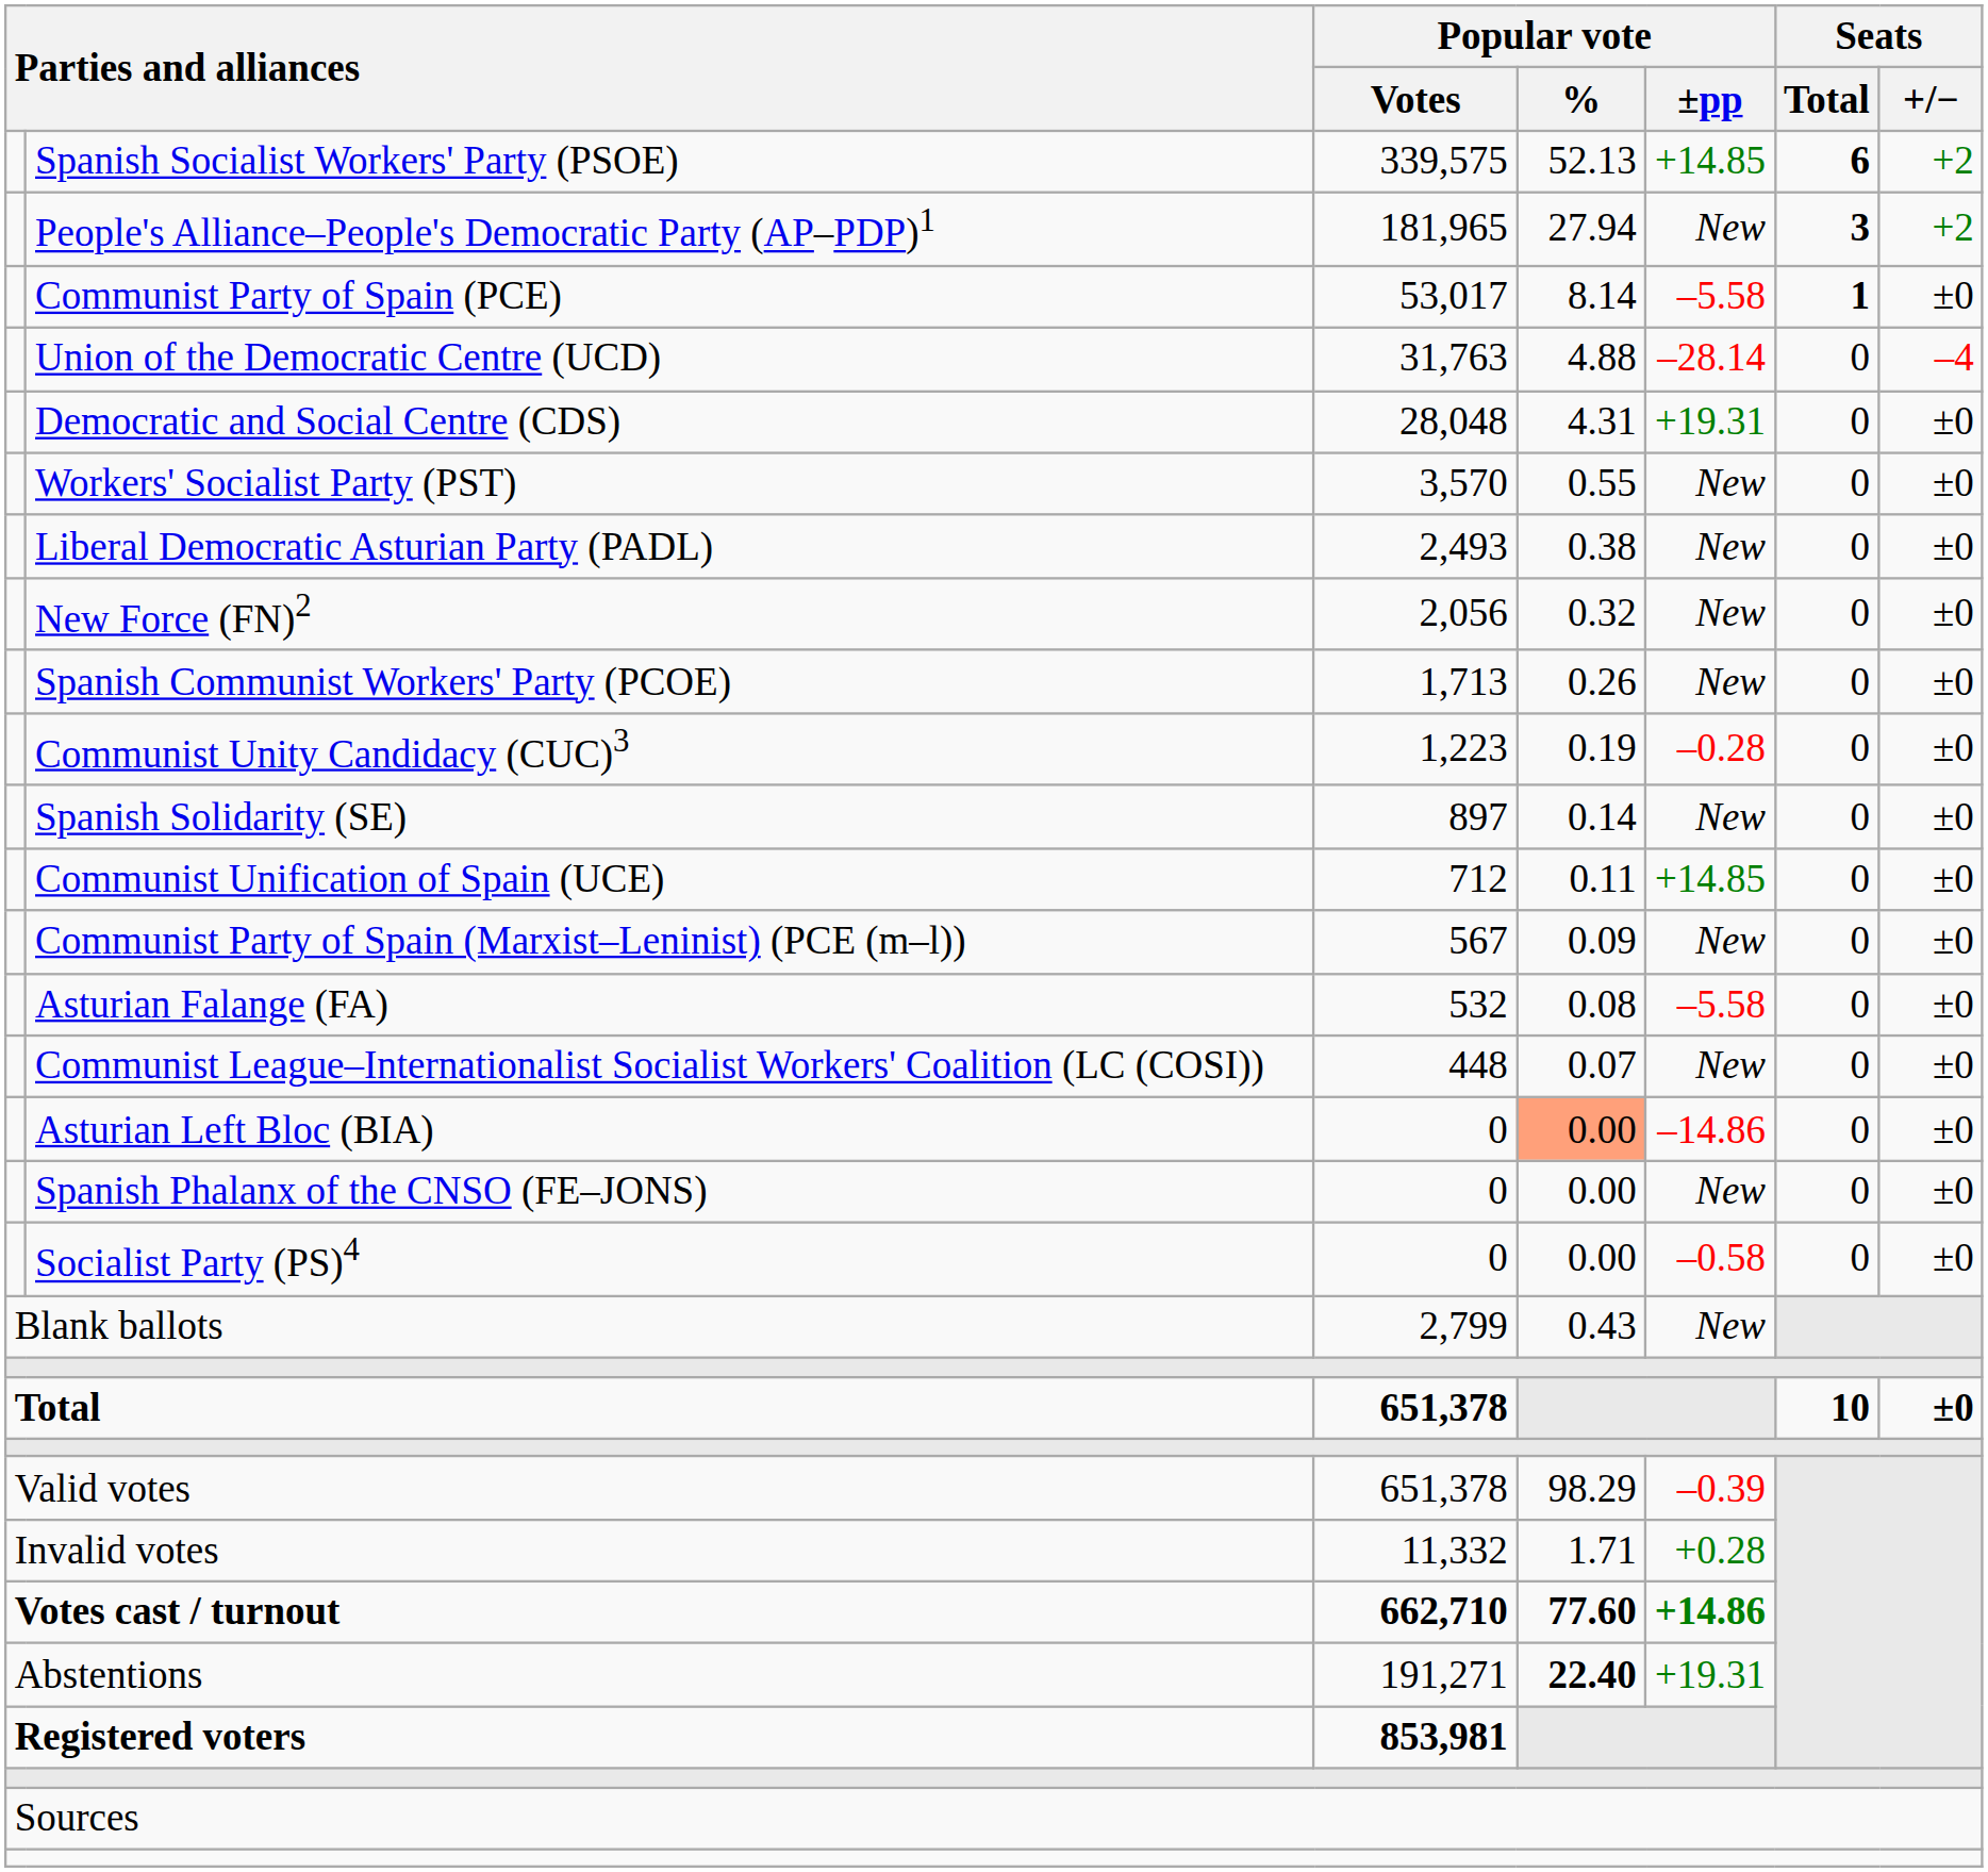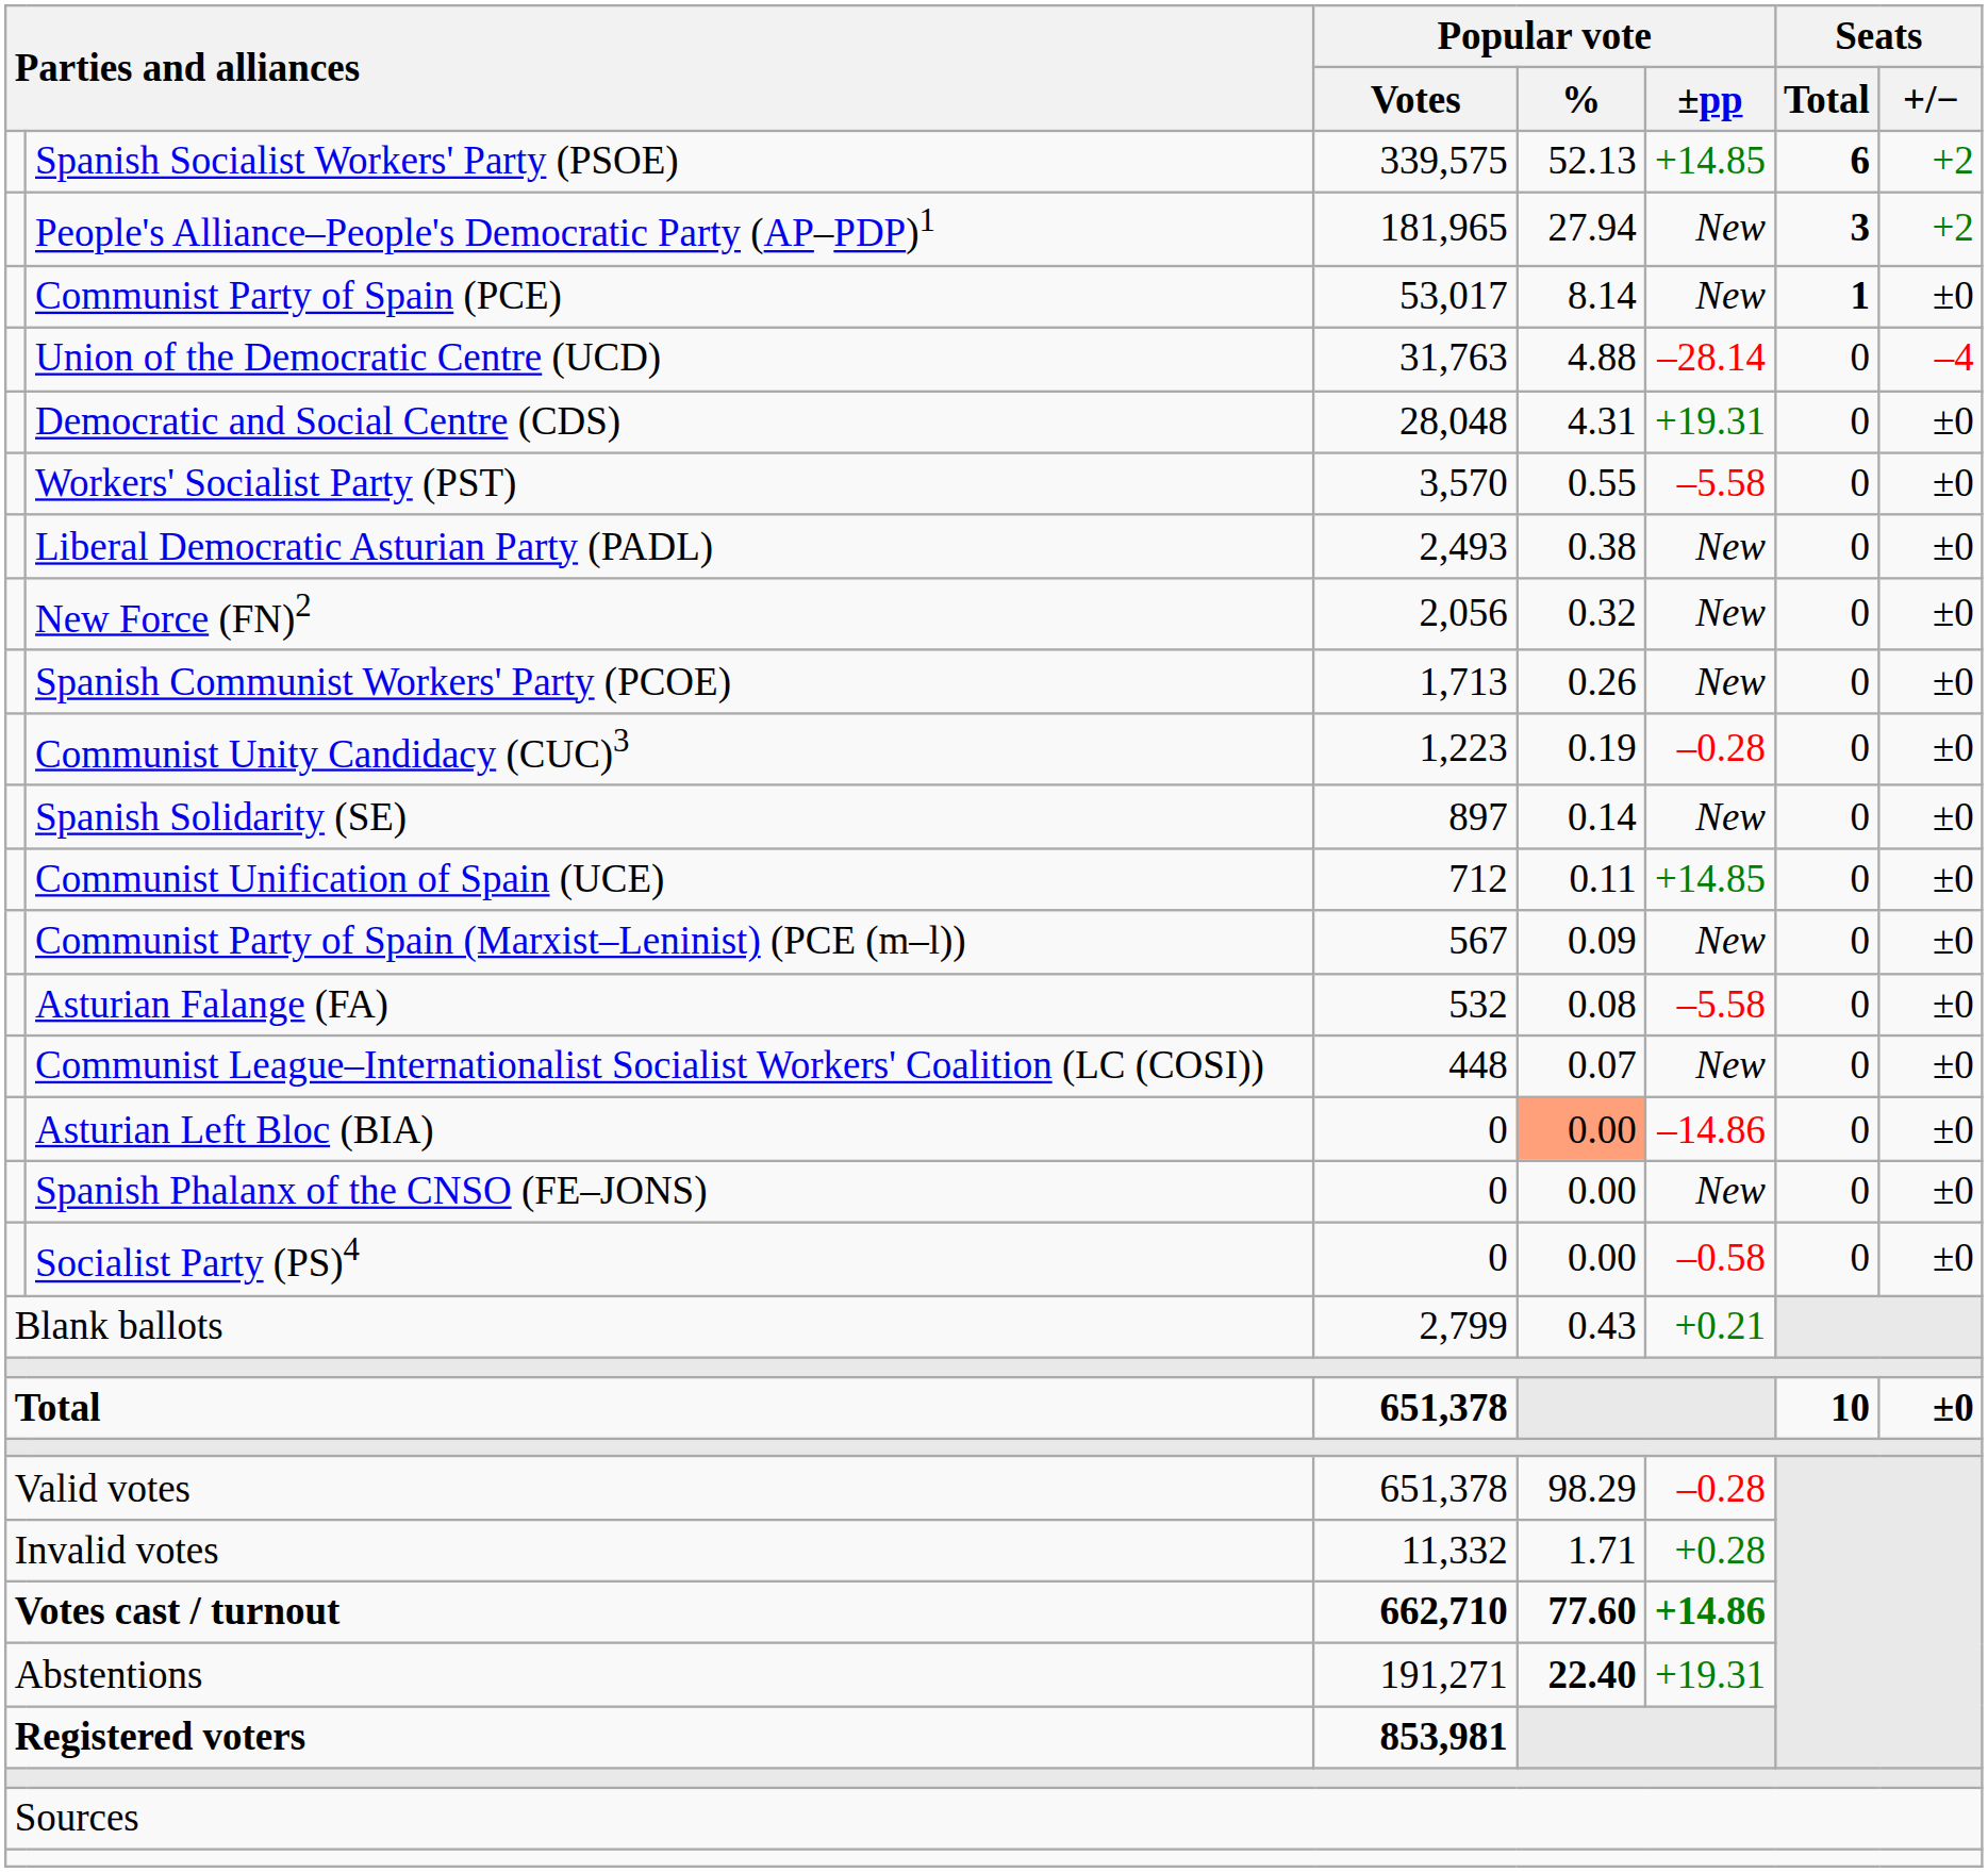 <table class="wikitable" style="text-align:right;">
 <tr>
 <th style="text-align:left;" rowspan="2" colspan="2" width="525">Parties and alliances</th>
 <th colspan="3">Popular vote</th>
 <th colspan="2">Seats</th>
 </tr>
 <tr>
 <th width="75">Votes</th>
 <th width="45">%</th>
 <th width="45">±<a href='#'>pp</a></th>
 <th width="35">Total</th>
 <th width="35">+/−</th>
 </tr>
 <tr>
 <td width="1" style="color:inherit;background:"></td>
 <td align="left"><a href='#'>Spanish Socialist Workers' Party</a> (PSOE)</td>
 <td>339,575</td>
 <td>52.13</td>
 <td style="color:green;">+14.85</td>
 <td><strong>6</strong></td>
 <td style="color:green;">+2</td>
 </tr>
 <tr>
 <td style="color:inherit;background:"></td>
 <td align="left"><a href='#'>People's Alliance–People's Democratic Party</a> (<a href='#'>AP</a>–<a href='#'>PDP</a>)<sup>1</sup></td>
 <td>181,965</td>
 <td>27.94</td>
 <td><em>New</em></td>
 <td><strong>3</strong></td>
 <td style="color:green;">+2</td>
 </tr>
 <tr>
 <td style="color:inherit;background:"></td>
 <td align="left"><a href='#'>Communist Party of Spain</a> (PCE)</td>
 <td>53,017</td>
 <td>8.14</td>
-<td style="color:red;">–5.58</td>
+<td><em>New</em></td>
 <td><strong>1</strong></td>
 <td>±0</td>
 </tr>
 <tr>
 <td style="color:inherit;background:"></td>
 <td align="left"><a href='#'>Union of the Democratic Centre</a> (UCD)</td>
 <td>31,763</td>
 <td>4.88</td>
 <td style="color:red;">–28.14</td>
 <td>0</td>
 <td style="color:red;">–4</td>
 </tr>
 <tr>
 <td style="color:inherit;background:"></td>
 <td align="left"><a href='#'>Democratic and Social Centre</a> (CDS)</td>
 <td>28,048</td>
 <td>4.31</td>
 <td style="color:green;">+19.31</td>
 <td>0</td>
 <td>±0</td>
 </tr>
 <tr>
 <td style="color:inherit;background:"></td>
 <td align="left"><a href='#'>Workers' Socialist Party</a> (PST)</td>
 <td>3,570</td>
 <td>0.55</td>
-<td><em>New</em></td>
+<td style="color:red;">–5.58</td>
 <td>0</td>
 <td>±0</td>
 </tr>
 <tr>
 <td style="color:inherit;background:"></td>
 <td align="left"><a href='#'>Liberal Democratic Asturian Party</a> (PADL)</td>
 <td>2,493</td>
 <td>0.38</td>
 <td><em>New</em></td>
 <td>0</td>
 <td>±0</td>
 </tr>
 <tr>
 <td style="color:inherit;background:"></td>
 <td align="left"><a href='#'>New Force</a> (FN)<sup>2</sup></td>
 <td>2,056</td>
 <td>0.32</td>
 <td><em>New</em></td>
 <td>0</td>
 <td>±0</td>
 </tr>
 <tr>
 <td style="color:inherit;background:"></td>
 <td align="left"><a href='#'>Spanish Communist Workers' Party</a> (PCOE)</td>
 <td>1,713</td>
 <td>0.26</td>
 <td><em>New</em></td>
 <td>0</td>
 <td>±0</td>
 </tr>
 <tr>
 <td style="color:inherit;background:"></td>
 <td align="left"><a href='#'>Communist Unity Candidacy</a> (CUC)<sup>3</sup></td>
 <td>1,223</td>
 <td>0.19</td>
 <td style="color:red;">–0.28</td>
 <td>0</td>
 <td>±0</td>
 </tr>
 <tr>
 <td style="color:inherit;background:"></td>
 <td align="left"><a href='#'>Spanish Solidarity</a> (SE)</td>
 <td>897</td>
 <td>0.14</td>
 <td><em>New</em></td>
 <td>0</td>
 <td>±0</td>
 </tr>
 <tr>
 <td style="color:inherit;background:"></td>
 <td align="left"><a href='#'>Communist Unification of Spain</a> (UCE)</td>
 <td>712</td>
 <td>0.11</td>
 <td style="color:green;">+14.85</td>
 <td>0</td>
 <td>±0</td>
 </tr>
 <tr>
 <td style="color:inherit;background:"></td>
 <td align="left"><a href='#'>Communist Party of Spain (Marxist–Leninist)</a> (PCE (m–l))</td>
 <td>567</td>
 <td>0.09</td>
 <td><em>New</em></td>
 <td>0</td>
 <td>±0</td>
 </tr>
 <tr>
 <td style="color:inherit;background:"></td>
 <td align="left"><a href='#'>Asturian Falange</a> (FA)</td>
 <td>532</td>
 <td>0.08</td>
 <td style="color:red;">–5.58</td>
 <td>0</td>
 <td>±0</td>
 </tr>
 <tr>
 <td style="color:inherit;background:"></td>
 <td align="left"><a href='#'>Communist League–Internationalist Socialist Workers' Coalition</a> (LC (COSI))</td>
 <td>448</td>
 <td>0.07</td>
 <td><em>New</em></td>
 <td>0</td>
 <td>±0</td>
 </tr>
 <tr>
 <td style="color:inherit;background:"></td>
 <td align="left"><a href='#'>Asturian Left Bloc</a> (BIA)</td>
 <td>0</td>
 <td style="background: lightsalmon;">0.00</td>
 <td style="color:red;">–14.86</td>
 <td>0</td>
 <td>±0</td>
 </tr>
 <tr>
 <td style="color:inherit;background:"></td>
 <td align="left"><a href='#'>Spanish Phalanx of the CNSO</a> (FE–JONS)</td>
 <td>0</td>
 <td>0.00</td>
 <td><em>New</em></td>
 <td>0</td>
 <td>±0</td>
 </tr>
 <tr>
 <td style="color:inherit;background:"></td>
 <td align="left"><a href='#'>Socialist Party</a> (PS)<sup>4</sup></td>
 <td>0</td>
 <td>0.00</td>
 <td style="color:red;">–0.58</td>
 <td>0</td>
 <td>±0</td>
 </tr>
 <tr>
 <td align="left" colspan="2">Blank ballots</td>
 <td>2,799</td>
 <td>0.43</td>
-<td><em>New</em></td>
+<td style="color:green;">+0.21</td>
 <td bgcolor="#E9E9E9" colspan="2"></td>
 </tr>
 <tr>
 <td colspan="7" bgcolor="#E9E9E9"></td>
 </tr>
 <tr style="font-weight:bold;">
 <td align="left" colspan="2">Total</td>
 <td>651,378</td>
 <td bgcolor="#E9E9E9" colspan="2"></td>
 <td>10</td>
 <td>±0</td>
 </tr>
 <tr>
 <td colspan="7" bgcolor="#E9E9E9"></td>
 </tr>
 <tr>
 <td align="left" colspan="2">Valid votes</td>
 <td>651,378</td>
 <td>98.29</td>
-<td style="color:red;">–0.39</td>
+<td style="color:red;">–0.28</td>
 <td bgcolor="#E9E9E9" colspan="2" rowspan="5"></td>
 </tr>
 <tr>
 <td align="left" colspan="2">Invalid votes</td>
 <td>11,332</td>
 <td>1.71</td>
 <td style="color:green;">+0.28</td>
 </tr>
 <tr style="font-weight:bold;">
 <td align="left" colspan="2">Votes cast / turnout</td>
 <td>662,710</td>
 <td>77.60</td>
 <td style="color:green;">+14.86</td>
 </tr>
 <tr>
 <td align="left" colspan="2">Abstentions</td>
 <td>191,271</td>
 <td><strong>22.40</strong></td>
 <td style="color:green;">+19.31</td>
 </tr>
 <tr style="font-weight:bold;">
 <td align="left" colspan="2">Registered voters</td>
 <td>853,981</td>
 <td bgcolor="#E9E9E9" colspan="2"></td>
 </tr>
 <tr>
 <td colspan="7" bgcolor="#E9E9E9"></td>
 </tr>
 <tr>
 <td align="left" colspan="7">Sources</td>
 </tr>
 <tr>
 <td colspan="7" style="text-align:left; max-width:790px;"></td>
 </tr>
 </table>
